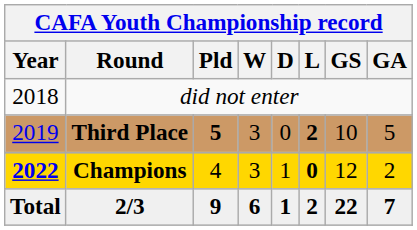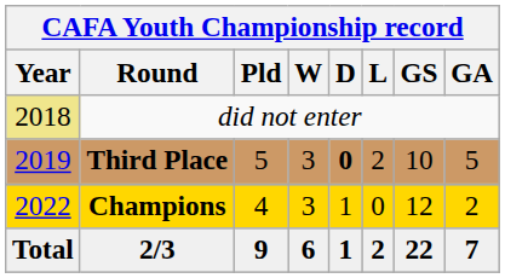 <table class="wikitable" style="text-align: center">
 <tr>
 <th colspan=8><a href='#'>CAFA Youth Championship record</a></th>
 </tr>
 <tr>
 <th>Year</th>
 <th>Round</th>
 <th>Pld</th>
 <th>W</th>
 <th>D</th>
 <th>L</th>
 <th>GS</th>
 <th>GA</th>
 </tr>
 <tr>
-<td> 2018</td>
+<td style="background: khaki;"> 2018</td>
 <td colspan=7><em>did not enter</em></td>
 </tr>
 <tr bgcolor=#c96>
 <td> <a href='#'>2019</a></td>
 <td><strong>Third Place</strong></td>
-<td><strong>5</strong></td>
+<td>5</td>
 <td>3</td>
-<td>0</td>
-<td><strong>2</strong></td>
+<td><strong>0</strong></td>
+<td>2</td>
 <td>10</td>
 <td>5</td>
 </tr>
 <tr style="background:#f0f0f0;font-weight:bold;">
 </tr>
 <tr bgcolor=gold>
-<td><strong> <a href='#'>2022</a></strong></td>
+<td> <a href='#'>2022</a></td>
 <td><strong>Champions</strong></td>
 <td>4</td>
 <td>3</td>
 <td>1</td>
-<td><strong>0</strong></td>
+<td>0</td>
 <td>12</td>
 <td>2</td>
 </tr>
 <tr style="background:#f0f0f0;font-weight:bold;">
 <td>Total</td>
 <td>2/3</td>
 <td>9</td>
 <td>6</td>
 <td>1</td>
 <td>2</td>
 <td>22</td>
 <td>7</td>
 </tr>
 </table>
